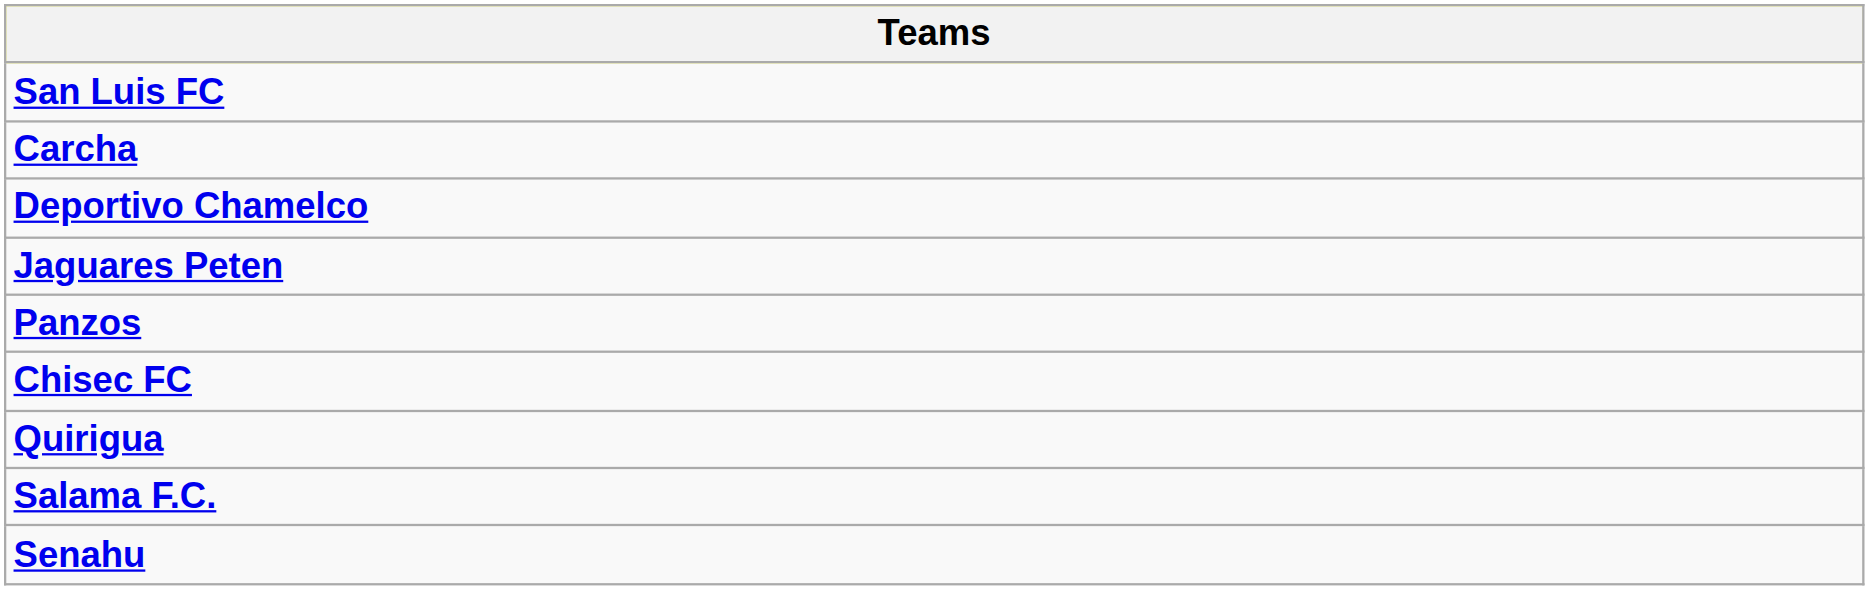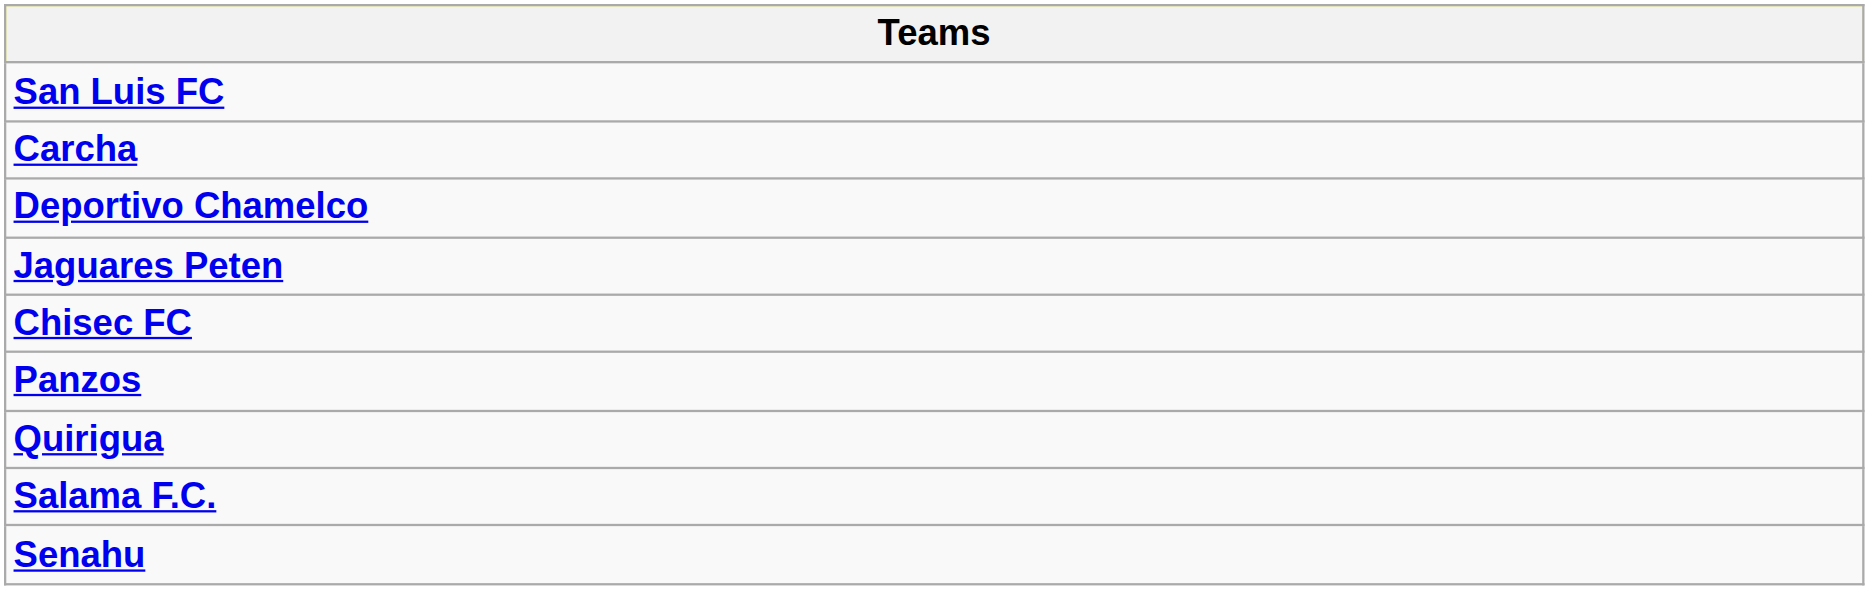 <table class="wikitable">
 <tr bgcolor=yellow align="center">
 <th width= 20%>Teams</th>
 </tr>
 <tr>
 <td><strong><a href='#'>San Luis FC</a></strong></td>
 </tr>
 <tr>
 <td><strong><a href='#'>Carcha</a></strong></td>
 </tr>
 <tr>
 <td><strong><a href='#'>Deportivo Chamelco</a></strong></td>
 </tr>
 <tr>
 <td><strong><a href='#'>Jaguares Peten</a></strong></td>
 </tr>
 <tr>
-<td><strong><a href='#'>Panzos</a></strong></td>
+<td><strong><a href='#'>Chisec FC</a></strong></td>
 </tr>
 <tr>
-<td><strong><a href='#'>Chisec FC</a></strong></td>
+<td><strong><a href='#'>Panzos</a></strong></td>
 </tr>
 <tr>
 <td><strong><a href='#'>Quirigua</a></strong></td>
 </tr>
 <tr>
 <td><strong><a href='#'>Salama F.C.</a></strong></td>
 </tr>
 <tr>
 <td><strong><a href='#'>Senahu</a></strong></td>
 </tr>
 </table>
